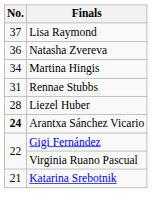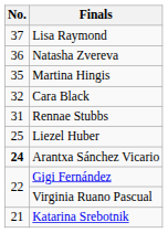 <table class="wikitable nowrap" style="text-align:center; display:inline-table">
 <tr>
 <th scope="col">No.</th>
 <th scope="col">Finals</th>
 </tr>
 <tr>
 <td>37</td>
 <td style="text-align:left"> Lisa Raymond</td>
 </tr>
 <tr>
 <td>36</td>
 <td style="text-align:left"> Natasha Zvereva</td>
 </tr>
 <tr>
-<td>34</td>
+<td>35</td>
 <td style="text-align:left"> Martina Hingis</td>
+</tr>
+<tr>
+<td>32</td>
+<td style="text-align:left"> Cara Black</td>
 </tr>
 <tr>
 <td>31</td>
 <td style="text-align:left"> Rennae Stubbs</td>
 </tr>
 <tr>
-<td>28</td>
+<td>25</td>
 <td style="text-align:left"> Liezel Huber</td>
 </tr>
 <tr>
 <td><strong>24</strong></td>
 <td style="text-align:left"> Arantxa Sánchez Vicario</td>
 </tr>
 <tr>
 <td rowspan="2">22</td>
 <td style="text-align:left"> <a href='#'>Gigi Fernández</a></td>
 </tr>
 <tr>
 <td style="text-align:left"> Virginia Ruano Pascual</td>
 </tr>
 <tr>
 <td>21</td>
 <td style="text-align:left"> <a href='#'>Katarina Srebotnik</a></td>
 </tr>
 </table>
